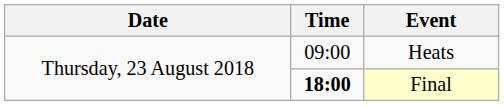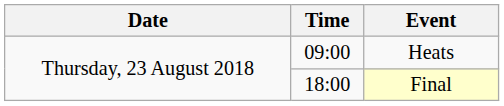 <table class = "wikitable" style="text-align:center;">
 <tr>
 <th width=220>Date</th>
 <th width=50>Time</th>
 <th width=100>Event</th>
 </tr>
 <tr>
 <td rowspan=2>Thursday, 23 August 2018</td>
 <td>09:00</td>
 <td>Heats</td>
 </tr>
 <tr>
-<td><strong>18:00</strong></td>
+<td>18:00</td>
 <td bgcolor=ffffcc>Final</td>
 </tr>
 </table>
